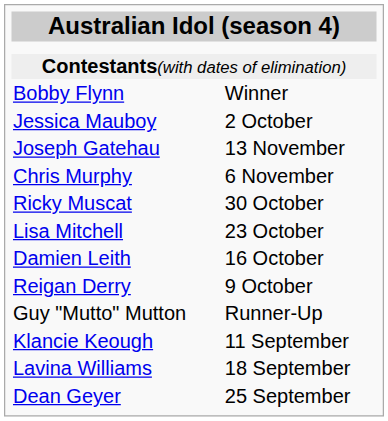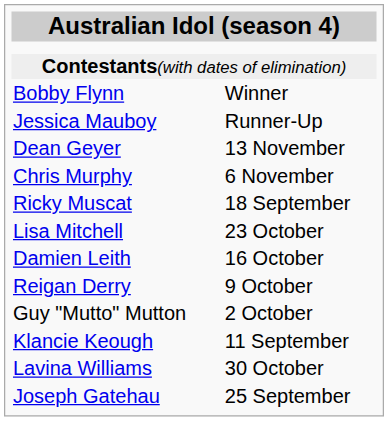 <table class=infobox style=width:19em>
 <tr>
 <td colspan=2 style="background:#cccccc; text-align:center"><big><strong>Australian Idol (season 4)</strong></big></td>
 </tr>
 <tr>
 <td colspan=2 align="center"></td>
 </tr>
 <tr>
 <td colspan=2 align="center"></td>
 </tr>
 <tr>
 <td colspan=2 style="background:#eeeeee; text-align:center"><strong>Contestants</strong><small><em>(with dates of elimination)</em></small></td>
 </tr>
 <tr>
 <td><a href='#'>Bobby Flynn</a></td>
 <td>Winner</td>
 </tr>
 <tr>
 <td><a href='#'>Jessica Mauboy</a></td>
-<td>2 October</td>
+<td>Runner-Up</td>
 </tr>
 <tr>
-<td><a href='#'>Joseph Gatehau</a></td>
+<td><a href='#'>Dean Geyer</a></td>
 <td>13 November</td>
 </tr>
 <tr>
 <td><a href='#'>Chris Murphy</a></td>
 <td>6 November</td>
 </tr>
 <tr>
 <td><a href='#'>Ricky Muscat</a></td>
-<td>30 October</td>
+<td>18 September</td>
 </tr>
 <tr>
 <td><a href='#'>Lisa Mitchell</a></td>
 <td>23 October</td>
 </tr>
 <tr>
 <td><a href='#'>Damien Leith</a></td>
 <td>16 October</td>
 </tr>
 <tr>
 <td><a href='#'>Reigan Derry</a></td>
 <td>9 October</td>
 </tr>
 <tr>
 <td>Guy "Mutto" Mutton</td>
-<td>Runner-Up</td>
+<td>2 October</td>
 </tr>
 <tr>
 <td><a href='#'>Klancie Keough</a></td>
 <td>11 September</td>
 </tr>
 <tr>
 <td><a href='#'>Lavina Williams</a></td>
-<td>18 September</td>
+<td>30 October</td>
 </tr>
 <tr>
-<td><a href='#'>Dean Geyer</a></td>
+<td><a href='#'>Joseph Gatehau</a></td>
 <td>25 September</td>
 </tr>
 </table>
